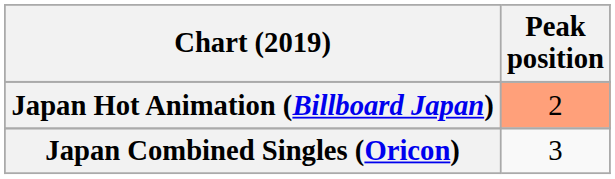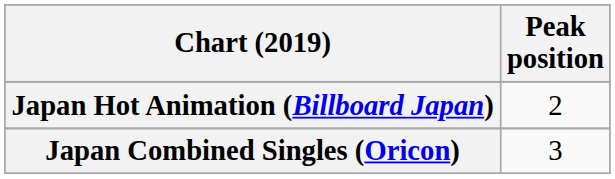 <table class="wikitable sortable plainrowheaders" style="text-align:center">
 <tr>
 <th scope="col">Chart (2019)</th>
 <th scope="col">Peak<br>position</th>
 </tr>
 <tr>
 </tr>
 <tr>
 <th scope="row">Japan Hot Animation (<em><a href='#'>Billboard Japan</a></em>)</th>
-<td style="background: lightsalmon;">2</td>
+<td>2</td>
 </tr>
 <tr>
 </tr>
 <tr>
 <th scope="row">Japan Combined Singles (<a href='#'>Oricon</a>)</th>
 <td>3</td>
 </tr>
 </table>
